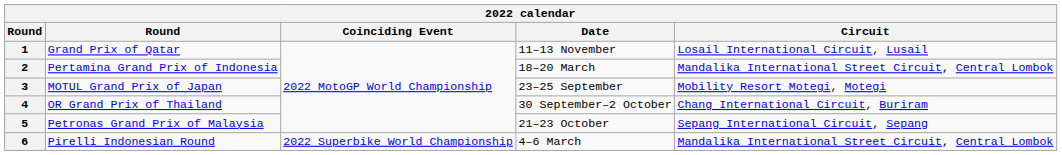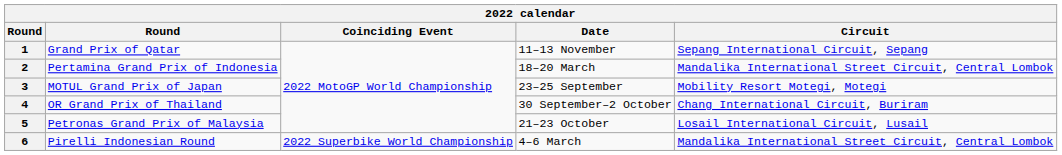 <table class="wikitable" style="font-size: 85%">
 <tr>
 <th colspan=7>2022 calendar</th>
 </tr>
 <tr>
 <th>Round</th>
 <th>Round</th>
 <th>Coinciding Event</th>
 <th>Date</th>
 <th>Circuit</th>
 </tr>
 <tr>
 <th>1</th>
 <td> <a href='#'>Grand Prix of Qatar</a></td>
 <td rowspan="5"><a href='#'>2022 MotoGP World Championship</a></td>
 <td>11–13 November</td>
-<td><a href='#'>Losail International Circuit</a>, <a href='#'>Lusail</a></td>
+<td><a href='#'>Sepang International Circuit</a>, <a href='#'>Sepang</a></td>
 </tr>
 <tr>
 <th>2</th>
 <td> <a href='#'>Pertamina Grand Prix of Indonesia</a></td>
 <td>18–20 March</td>
 <td><a href='#'>Mandalika International Street Circuit</a>, <a href='#'>Central Lombok</a></td>
 </tr>
 <tr>
 <th>3</th>
 <td> <a href='#'>MOTUL Grand Prix of Japan</a></td>
 <td>23–25 September</td>
 <td><a href='#'>Mobility Resort Motegi</a>, <a href='#'>Motegi</a></td>
 </tr>
 <tr>
 <th>4</th>
 <td> <a href='#'>OR Grand Prix of Thailand</a></td>
 <td>30 September–2 October</td>
 <td><a href='#'>Chang International Circuit</a>, <a href='#'>Buriram</a></td>
 </tr>
 <tr>
 <th>5</th>
 <td> <a href='#'>Petronas Grand Prix of Malaysia</a></td>
 <td>21–23 October</td>
-<td><a href='#'>Sepang International Circuit</a>, <a href='#'>Sepang</a></td>
+<td><a href='#'>Losail International Circuit</a>, <a href='#'>Lusail</a></td>
 </tr>
 <tr>
 <th>6</th>
 <td> <a href='#'>Pirelli Indonesian Round</a></td>
 <td><a href='#'>2022 Superbike World Championship</a></td>
 <td>4–6 March</td>
 <td><a href='#'>Mandalika International Street Circuit</a>, <a href='#'>Central Lombok</a></td>
 </tr>
 </table>
